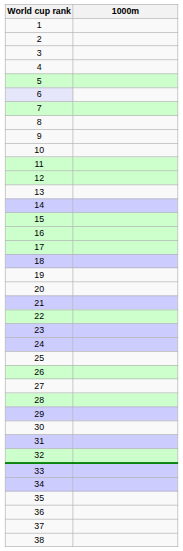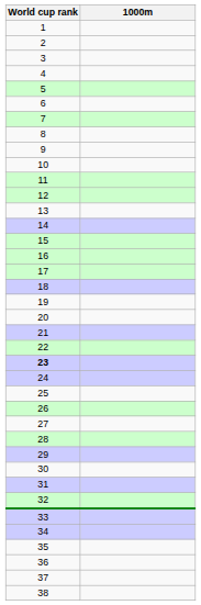 <table class="wikitable sortable" style="font-size:90%; text-align:center;margin: 1em auto 1em auto ">
 <tr>
 <th>World cup rank</th>
 <th width=165>1000m</th>
 </tr>
 <tr>
 <td>1</td>
 <td align=left></td>
 </tr>
 <tr>
 <td>2</td>
 <td align=left></td>
 </tr>
 <tr>
 <td>3</td>
 <td align=left></td>
 </tr>
 <tr>
 <td>4</td>
 <td align=left></td>
 </tr>
 <tr style="background: #ccffcc;">
 <td>5</td>
 <td align=left></td>
 </tr>
 <tr>
-<td style="background: lavender;">6</td>
+<td>6</td>
 <td align=left></td>
 </tr>
 <tr style="background: #ccffcc;">
 <td>7</td>
 <td align=left></td>
 </tr>
 <tr>
 <td>8</td>
 <td align=left></td>
 </tr>
 <tr>
 <td>9</td>
 <td align=left></td>
 </tr>
 <tr>
 <td>10</td>
 <td align=left></td>
 </tr>
 <tr style="background: #ccffcc;">
 <td>11</td>
 <td align=left></td>
 </tr>
 <tr style="background: #ccffcc;">
 <td>12</td>
 <td align=left></td>
 </tr>
 <tr>
 <td>13</td>
 <td align=left></td>
 </tr>
 <tr style="background: #ccccff;">
 <td>14</td>
 <td align=left></td>
 </tr>
 <tr style="background: #ccffcc;">
 <td>15</td>
 <td align=left></td>
 </tr>
 <tr style="background: #ccffcc;">
 <td>16</td>
 <td align=left></td>
 </tr>
 <tr style="background: #ccffcc;">
 <td>17</td>
 <td align=left></td>
 </tr>
 <tr style="background: #ccccff;">
 <td>18</td>
 <td align=left></td>
 </tr>
 <tr>
 <td>19</td>
 <td align=left></td>
 </tr>
 <tr>
 <td>20</td>
 <td align=left></td>
 </tr>
 <tr style="background: #ccccff;">
 <td>21</td>
 <td align=left></td>
 </tr>
 <tr style="background: #ccffcc;">
 <td>22</td>
 <td align=left></td>
 </tr>
 <tr style="background: #ccccff;">
-<td>23</td>
+<td><strong>23</strong></td>
 <td align=left></td>
 </tr>
 <tr style="background: #ccccff;">
 <td>24</td>
 <td align=left></td>
 </tr>
 <tr>
 <td>25</td>
 <td align=left></td>
 </tr>
 <tr style="background: #ccffcc;">
 <td>26</td>
 <td align=left></td>
 </tr>
 <tr>
 <td>27</td>
 <td align=left></td>
 </tr>
 <tr style="background: #ccffcc;">
 <td>28</td>
 <td align=left></td>
 </tr>
 <tr style="background: #ccccff;">
 <td>29</td>
 <td align=left></td>
 </tr>
 <tr>
 <td>30</td>
 <td align=left></td>
 </tr>
 <tr style="background: #ccccff;">
 <td>31</td>
 <td align=left></td>
 </tr>
 <tr style="background: #ccffcc; border-bottom:3px solid green;">
 <td>32</td>
 <td align=left></td>
 </tr>
 <tr style="background: #ccccff;">
 <td>33</td>
 <td align=left></td>
 </tr>
 <tr style="background: #ccccff;">
 <td>34</td>
 <td align=left></td>
 </tr>
 <tr>
 <td>35</td>
 <td align=left></td>
 </tr>
 <tr>
 <td>36</td>
 <td align=left></td>
 </tr>
 <tr>
 <td>37</td>
 <td align=left></td>
 </tr>
 <tr>
 <td>38</td>
 <td align=left></td>
 </tr>
 </table>
